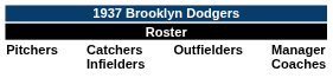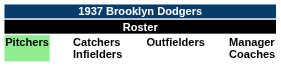 <table class="toccolours" style="font-size: 95%;">
 <tr>
 <th colspan="10" style="background-color: #083c6b; color: white; text-align: center;">1937 Brooklyn Dodgers</th>
 </tr>
 <tr>
 <td colspan="10" style="background-color: black; color: white; text-align: center;"><strong>Roster</strong></td>
 </tr>
 <tr>
-<td valign="top"><strong>Pitchers</strong><br>               </td>
+<td valign="top" style="background: lightgreen;"><strong>Pitchers</strong><br>               </td>
 <td width="25px"></td>
 <td valign="top"><strong>Catchers</strong><br>     <strong>Infielders</strong>            </td>
 <td width="25px"></td>
 <td valign="top"><strong>Outfielders</strong><br>         </td>
 <td width="25px"></td>
 <td valign="top"><strong>Manager</strong><br> <strong>Coaches</strong> </td>
 </tr>
 </table>
